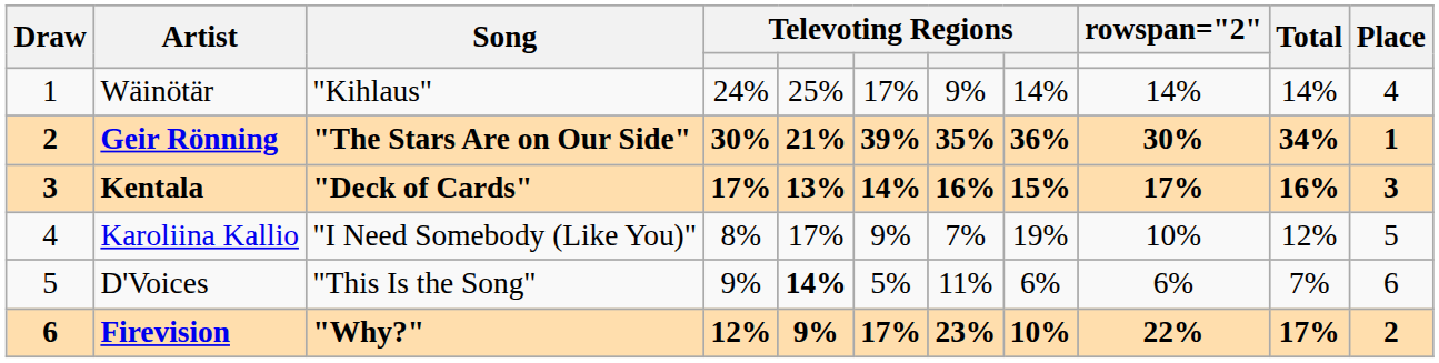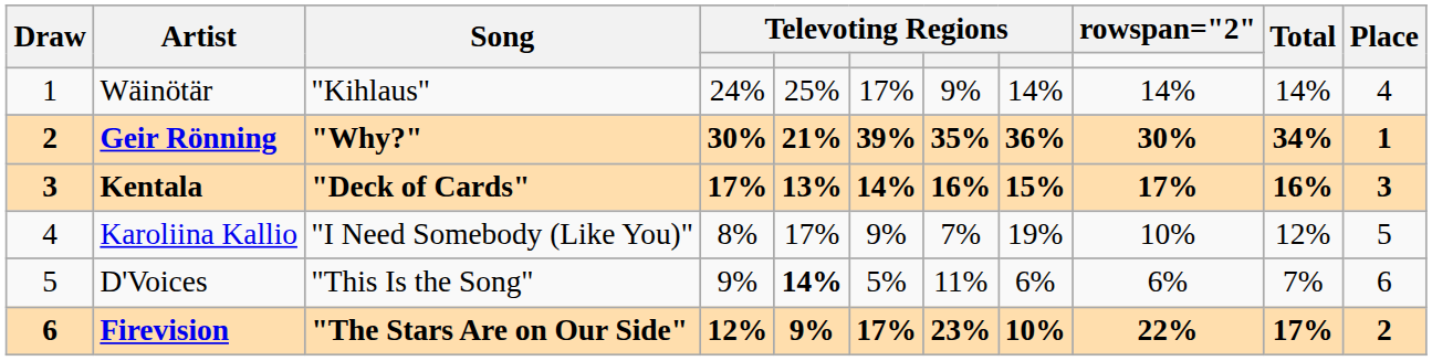 <table class="sortable wikitable" style="margin: 1em auto 1em auto; text-align:center;">
 <tr>
 <th rowspan="2">Draw</th>
 <th rowspan="2">Artist</th>
 <th rowspan="2">Song</th>
 <th colspan="5">Televoting Regions</th>
 <th>rowspan="2" </th>
 <th rowspan="2">Total</th>
 <th rowspan="2">Place</th>
 </tr>
 <tr>
 <th></th>
 <th></th>
 <th></th>
 <th></th>
 <th></th>
 </tr>
 <tr>
 <td>1</td>
 <td align="left">Wäinötär</td>
 <td align="left">"Kihlaus"</td>
 <td>24%</td>
 <td>25%</td>
 <td>17%</td>
 <td>9%</td>
 <td>14%</td>
 <td>14%</td>
 <td>14%</td>
 <td>4</td>
 </tr>
 <tr style="font-weight:bold; background:navajowhite;">
 <td>2</td>
 <td align="left"><a href='#'>Geir Rönning</a></td>
-<td align="left">"The Stars Are on Our Side"</td>
+<td align="left">"Why?"</td>
 <td><strong>30%</strong></td>
 <td><strong>21%</strong></td>
 <td><strong>39%</strong></td>
 <td><strong>35%</strong></td>
 <td><strong>36%</strong></td>
 <td><strong>30%</strong></td>
 <td>34%</td>
 <td>1</td>
 </tr>
 <tr style="font-weight:bold; background:navajowhite;">
 <td>3</td>
 <td align="left">Kentala</td>
 <td align="left">"Deck of Cards"</td>
 <td>17%</td>
 <td>13%</td>
 <td>14%</td>
 <td>16%</td>
 <td>15%</td>
 <td>17%</td>
 <td>16%</td>
 <td>3</td>
 </tr>
 <tr>
 <td>4</td>
 <td align="left"><a href='#'>Karoliina Kallio</a></td>
 <td align="left">"I Need Somebody (Like You)"</td>
 <td>8%</td>
 <td>17%</td>
 <td>9%</td>
 <td>7%</td>
 <td>19%</td>
 <td>10%</td>
 <td>12%</td>
 <td>5</td>
 </tr>
 <tr>
 <td>5</td>
 <td align="left">D'Voices</td>
 <td align="left">"This Is the Song"</td>
 <td>9%</td>
 <td><strong>14%</strong></td>
 <td>5%</td>
 <td>11%</td>
 <td>6%</td>
 <td>6%</td>
 <td>7%</td>
 <td>6</td>
 </tr>
 <tr style="font-weight:bold; background:navajowhite;">
 <td>6</td>
 <td align="left"><a href='#'>Firevision</a></td>
-<td align="left">"Why?"</td>
+<td align="left">"The Stars Are on Our Side"</td>
 <td>12%</td>
 <td>9%</td>
 <td>17%</td>
 <td>23%</td>
 <td>10%</td>
 <td>22%</td>
 <td>17%</td>
 <td>2</td>
 </tr>
 </table>
